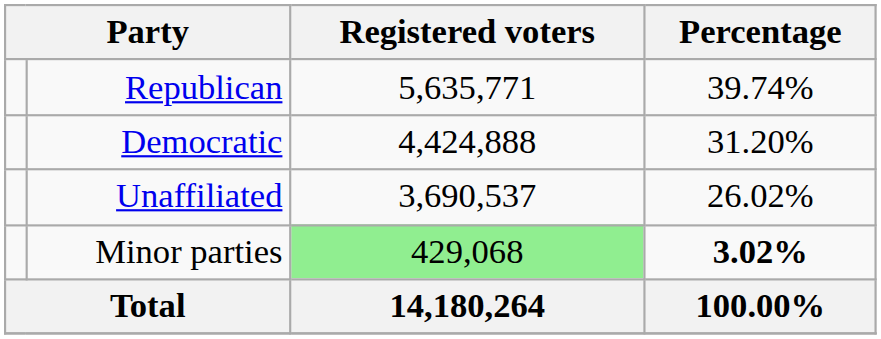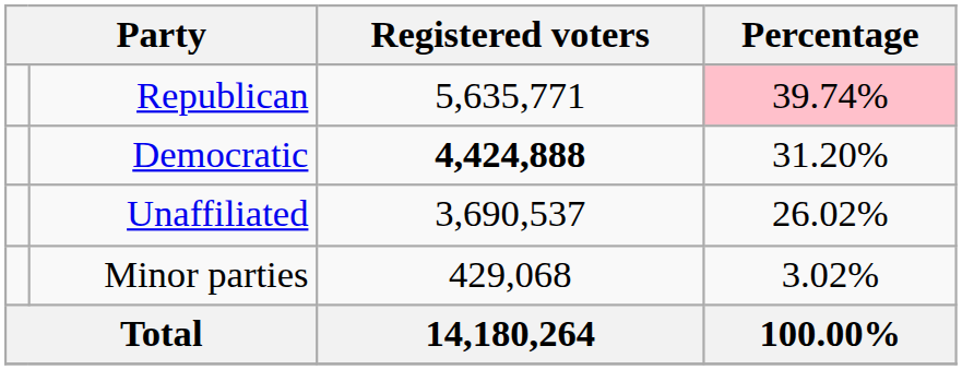 <table class="wikitable sortable floatright" style="text-align: right;" width="32%">
 <tr>
 <th colspan = 2>Party</th>
 <th>Registered voters</th>
 <th>Percentage</th>
 </tr>
 <tr>
 <td></td>
 <td><a href='#'>Republican</a></td>
 <td style="text-align:center;">5,635,771</td>
-<td style="text-align:center;">39.74%</td>
+<td style="background: pink; text-align:center;">39.74%</td>
 </tr>
 <tr>
 <td></td>
 <td><a href='#'>Democratic</a></td>
-<td style="text-align:center;">4,424,888</td>
+<td style="text-align:center;"><strong>4,424,888</strong></td>
 <td style="text-align:center;">31.20%</td>
 </tr>
 <tr>
 <td></td>
 <td><a href='#'>Unaffiliated</a></td>
 <td style="text-align:center;">3,690,537</td>
 <td style="text-align:center;">26.02%</td>
 </tr>
 <tr>
 <td></td>
 <td>Minor parties</td>
-<td style="background: lightgreen; text-align:center;">429,068</td>
-<td style="text-align:center;"><strong>3.02%</strong></td>
+<td style="text-align:center;">429,068</td>
+<td style="text-align:center;">3.02%</td>
 </tr>
 <tr>
 <th colspan="2">Total</th>
 <th style="text-align:center;">14,180,264</th>
 <th style="text-align:center;">100.00%</th>
 </tr>
 <tr>
 </tr>
 </table>
